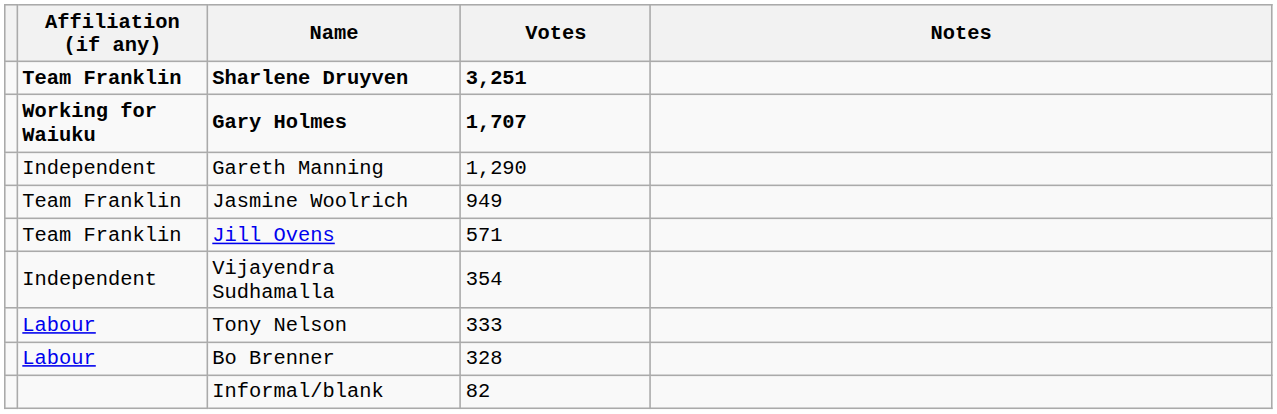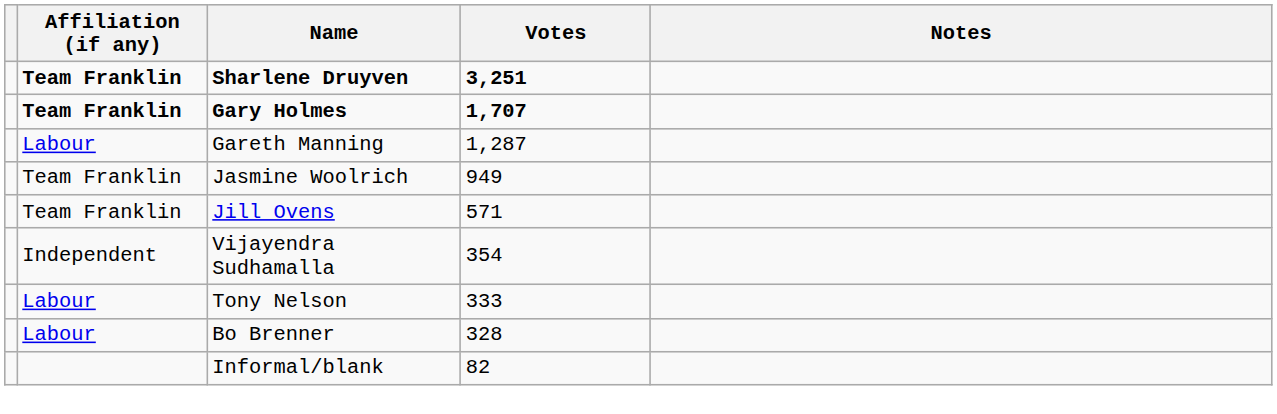 <table class="wikitable" style="width:51%;">
 <tr>
 <th style="width:1%;"></th>
 <th style="width:15%;">Affiliation (if any)</th>
 <th style="width:20%;">Name</th>
 <th style="width:15%;">Votes</th>
 <th>Notes</th>
 </tr>
 <tr>
 <td bgcolor=></td>
 <td><strong>Team Franklin</strong></td>
 <td><strong>Sharlene Druyven</strong></td>
 <td><strong>3,251</strong></td>
 <td></td>
 </tr>
 <tr>
 <td bgcolor=></td>
-<td><strong>Working for Waiuku</strong></td>
+<td><strong>Team Franklin</strong></td>
 <td><strong>Gary Holmes</strong></td>
 <td><strong>1,707</strong></td>
 <td></td>
 </tr>
 <tr>
 <td bgcolor=></td>
-<td>Independent</td>
+<td><a href='#'>Labour</a></td>
 <td>Gareth Manning</td>
-<td>1,290</td>
+<td>1,287</td>
 <td></td>
 </tr>
 <tr>
 <td bgcolor=></td>
 <td>Team Franklin</td>
 <td>Jasmine Woolrich</td>
 <td>949</td>
 <td></td>
 </tr>
 <tr>
 <td bgcolor=></td>
 <td>Team Franklin</td>
 <td><a href='#'>Jill Ovens</a></td>
 <td>571</td>
 <td></td>
 </tr>
 <tr>
 <td></td>
 <td>Independent</td>
 <td>Vijayendra Sudhamalla</td>
 <td>354</td>
 <td></td>
 </tr>
 <tr>
 <td></td>
 <td><a href='#'>Labour</a></td>
 <td>Tony Nelson</td>
 <td>333</td>
 <td></td>
 </tr>
 <tr>
 <td bgcolor=></td>
 <td><a href='#'>Labour</a></td>
 <td>Bo Brenner</td>
 <td>328</td>
 <td></td>
 </tr>
 <tr>
 <td></td>
 <td></td>
 <td>Informal/blank</td>
 <td>82</td>
 <td></td>
 </tr>
 </table>
